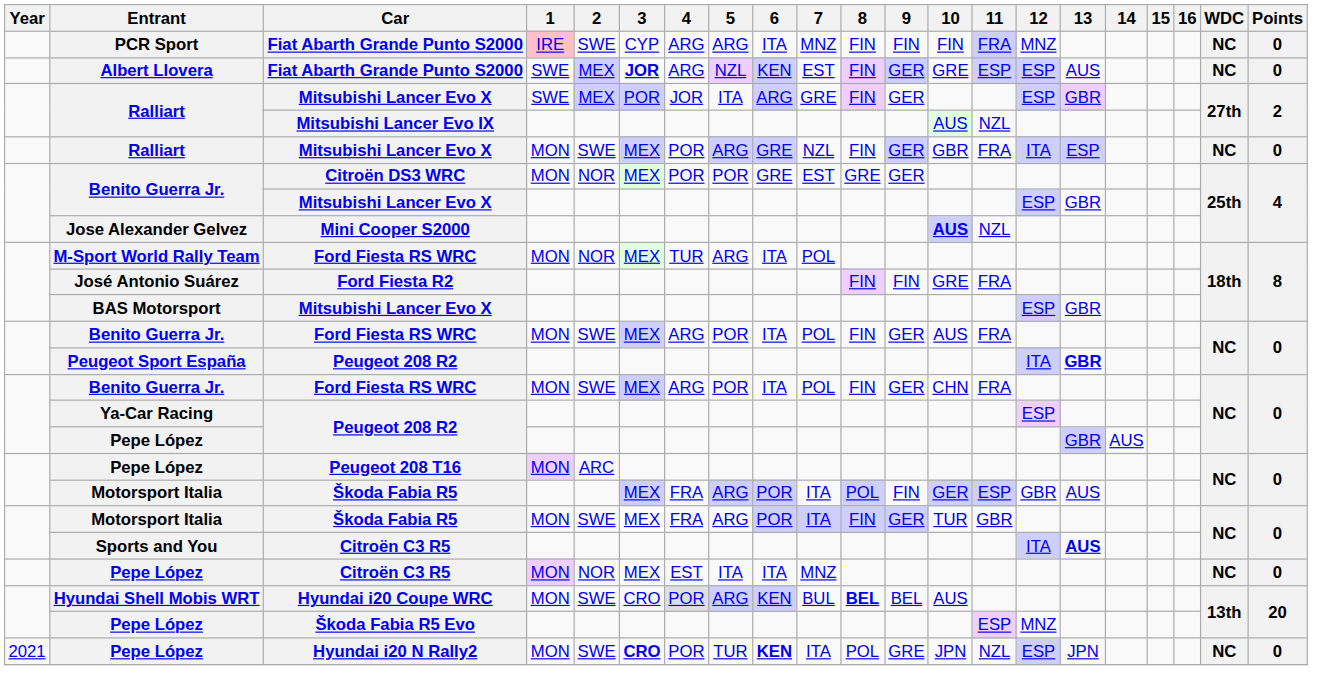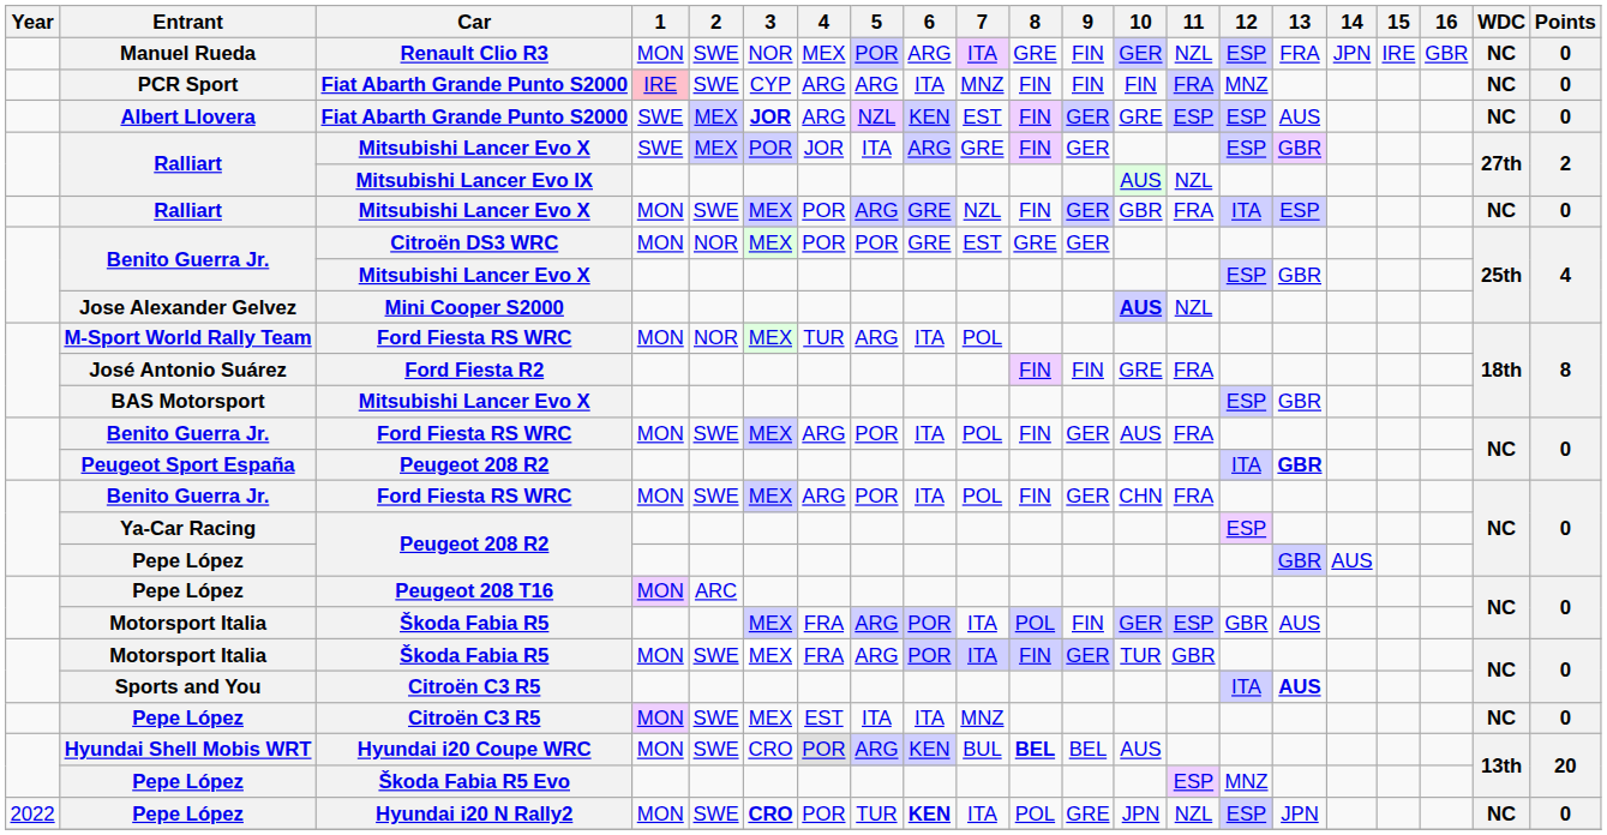 <table class="wikitable" style="text-align:center; font-size:90%">
 <tr>
 <th>Year</th>
 <th>Entrant</th>
 <th>Car</th>
 <th>1</th>
 <th>2</th>
 <th>3</th>
 <th>4</th>
 <th>5</th>
 <th>6</th>
 <th>7</th>
 <th>8</th>
 <th>9</th>
 <th>10</th>
 <th>11</th>
 <th>12</th>
 <th>13</th>
 <th>14</th>
 <th>15</th>
 <th>16</th>
 <th>WDC</th>
 <th>Points</th>
+</tr>
+<tr>
+<td></td>
+<th>Manuel Rueda</th>
+<th><a href='#'>Renault Clio R3</a></th>
+<td><a href='#'>MON</a></td>
+<td><a href='#'>SWE</a></td>
+<td><a href='#'>NOR</a></td>
+<td><a href='#'>MEX</a></td>
+<td style="background:#CFCFFF"><a href='#'>POR</a><br></td>
+<td><a href='#'>ARG</a></td>
+<td style="background:#EFCFFF"><a href='#'>ITA</a><br></td>
+<td><a href='#'>GRE</a></td>
+<td><a href='#'>FIN</a></td>
+<td style="background:#CFCFFF"><a href='#'>GER</a><br></td>
+<td><a href='#'>NZL</a></td>
+<td style="background:#CFCFFF"><a href='#'>ESP</a><br></td>
+<td><a href='#'>FRA</a></td>
+<td><a href='#'>JPN</a></td>
+<td><a href='#'>IRE</a></td>
+<td><a href='#'>GBR</a></td>
+<th>NC</th>
+<th>0</th>
 </tr>
 <tr>
 <td></td>
 <th>PCR Sport</th>
 <th><a href='#'>Fiat Abarth Grande Punto S2000</a></th>
 <td style="background: pink;"><a href='#'>IRE</a></td>
 <td><a href='#'>SWE</a></td>
 <td><a href='#'>CYP</a></td>
 <td><a href='#'>ARG</a></td>
 <td><a href='#'>ARG</a></td>
 <td><a href='#'>ITA</a></td>
 <td><a href='#'>MNZ</a></td>
 <td><a href='#'>FIN</a></td>
 <td><a href='#'>FIN</a></td>
 <td><a href='#'>FIN</a></td>
 <td style="background:#CFCFFF"><a href='#'>FRA</a><br></td>
 <td><a href='#'>MNZ</a></td>
 <td></td>
 <td></td>
 <td></td>
 <td></td>
 <th>NC</th>
 <th>0</th>
 </tr>
 <tr>
 <td></td>
 <th><a href='#'>Albert Llovera</a></th>
 <th><a href='#'>Fiat Abarth Grande Punto S2000</a></th>
 <td><a href='#'>SWE</a></td>
 <td style="background:#CFCFFF"><a href='#'>MEX</a><br></td>
 <td><strong><a href='#'>JOR</a></strong></td>
 <td><a href='#'>ARG</a></td>
 <td style="background:#EFCFFF"><a href='#'>NZL</a><br></td>
 <td style="background:#cfcfff;"><a href='#'>KEN</a><br></td>
 <td><a href='#'>EST</a></td>
 <td style="background:#EFCFFF"><a href='#'>FIN</a><br></td>
 <td style="background:#CFCFFF"><a href='#'>GER</a><br></td>
 <td><a href='#'>GRE</a></td>
 <td style="background:#CFCFFF"><a href='#'>ESP</a><br></td>
 <td style="background:#CFCFFF"><a href='#'>ESP</a><br></td>
 <td><a href='#'>AUS</a></td>
 <td></td>
 <td></td>
 <td></td>
 <th>NC</th>
 <th>0</th>
 </tr>
 <tr>
 <td rowspan="2"></td>
 <th rowspan="2"><a href='#'>Ralliart</a></th>
 <th><a href='#'>Mitsubishi Lancer Evo X</a></th>
 <td><a href='#'>SWE</a></td>
 <td style="background:#CFCFFF"><a href='#'>MEX</a><br></td>
 <td style="background:#CFCFFF"><a href='#'>POR</a><br></td>
 <td><a href='#'>JOR</a></td>
 <td><a href='#'>ITA</a></td>
 <td style="background:#CFCFFF"><a href='#'>ARG</a><br></td>
 <td><a href='#'>GRE</a></td>
 <td style="background:#EFCFFF"><a href='#'>FIN</a><br></td>
 <td><a href='#'>GER</a></td>
 <td></td>
 <td></td>
 <td style="background:#CFCFFF"><a href='#'>ESP</a><br></td>
 <td style="background:#EFCFFF"><a href='#'>GBR</a><br></td>
 <td></td>
 <td></td>
 <td></td>
 <th rowspan="2">27th</th>
 <th rowspan="2">2</th>
 </tr>
 <tr>
 <th><a href='#'>Mitsubishi Lancer Evo IX</a></th>
 <td></td>
 <td></td>
 <td></td>
 <td></td>
 <td></td>
 <td></td>
 <td></td>
 <td></td>
 <td></td>
 <td style="background:#DFFFDF"><a href='#'>AUS</a><br></td>
 <td><a href='#'>NZL</a></td>
 <td></td>
 <td></td>
 <td></td>
 <td></td>
 <td></td>
 </tr>
 <tr>
 <td></td>
 <th><a href='#'>Ralliart</a></th>
 <th><a href='#'>Mitsubishi Lancer Evo X</a></th>
 <td><a href='#'>MON</a></td>
 <td><a href='#'>SWE</a></td>
 <td style="background:#CFCFFF"><a href='#'>MEX</a><br></td>
 <td><a href='#'>POR</a></td>
 <td style="background:#CFCFFF"><a href='#'>ARG</a><br></td>
 <td style="background:#CFCFFF"><a href='#'>GRE</a><br></td>
 <td><a href='#'>NZL</a></td>
 <td><a href='#'>FIN</a></td>
 <td style="background:#CFCFFF"><a href='#'>GER</a><br></td>
 <td><a href='#'>GBR</a></td>
 <td><a href='#'>FRA</a></td>
 <td style="background:#CFCFFF"><a href='#'>ITA</a><br></td>
 <td style="background:#CFCFFF"><a href='#'>ESP</a><br></td>
 <td></td>
 <td></td>
 <td></td>
 <th>NC</th>
 <th>0</th>
 </tr>
 <tr>
 <td rowspan="3"></td>
 <th rowspan="2"><a href='#'>Benito Guerra Jr.</a></th>
 <th><a href='#'>Citroën DS3 WRC</a></th>
 <td><a href='#'>MON</a></td>
 <td><a href='#'>NOR</a></td>
 <td style="background:#DFFFDF"><a href='#'>MEX</a><br></td>
 <td><a href='#'>POR</a></td>
 <td><a href='#'>POR</a></td>
 <td><a href='#'>GRE</a></td>
 <td><a href='#'>EST</a></td>
 <td><a href='#'>GRE</a></td>
 <td><a href='#'>GER</a></td>
 <td></td>
 <td></td>
 <td></td>
 <td></td>
 <td></td>
 <td></td>
 <td></td>
 <th rowspan="3">25th</th>
 <th rowspan="3">4</th>
 </tr>
 <tr>
 <th><a href='#'>Mitsubishi Lancer Evo X</a></th>
 <td></td>
 <td></td>
 <td></td>
 <td></td>
 <td></td>
 <td></td>
 <td></td>
 <td></td>
 <td></td>
 <td></td>
 <td></td>
 <td style="background:#CFCFFF"><a href='#'>ESP</a><br></td>
 <td><a href='#'>GBR</a></td>
 <td></td>
 <td></td>
 <td></td>
 </tr>
 <tr>
 <th>Jose Alexander Gelvez</th>
 <th><a href='#'>Mini Cooper S2000</a></th>
 <td></td>
 <td></td>
 <td></td>
 <td></td>
 <td></td>
 <td></td>
 <td></td>
 <td></td>
 <td></td>
 <td style="background:#CFCFFF"><strong><a href='#'>AUS</a><br></strong></td>
 <td><a href='#'>NZL</a></td>
 <td></td>
 <td></td>
 <td></td>
 <td></td>
 <td></td>
 </tr>
 <tr>
 <td rowspan="3"></td>
 <th><a href='#'>M-Sport World Rally Team</a></th>
 <th><a href='#'>Ford Fiesta RS WRC</a></th>
 <td><a href='#'>MON</a></td>
 <td><a href='#'>NOR</a></td>
 <td style="background:#DFFFDF"><a href='#'>MEX</a><br></td>
 <td><a href='#'>TUR</a></td>
 <td><a href='#'>ARG</a></td>
 <td><a href='#'>ITA</a></td>
 <td><a href='#'>POL</a></td>
 <td></td>
 <td></td>
 <td></td>
 <td></td>
 <td></td>
 <td></td>
 <td></td>
 <td></td>
 <td></td>
 <th rowspan="3">18th</th>
 <th rowspan="3">8</th>
 </tr>
 <tr>
 <th>José Antonio Suárez</th>
 <th><a href='#'>Ford Fiesta R2</a></th>
 <td></td>
 <td></td>
 <td></td>
 <td></td>
 <td></td>
 <td></td>
 <td></td>
 <td style="background:#EFCFFF"><a href='#'>FIN</a><br></td>
 <td><a href='#'>FIN</a></td>
 <td><a href='#'>GRE</a></td>
 <td><a href='#'>FRA</a></td>
 <td></td>
 <td></td>
 <td></td>
 <td></td>
 <td></td>
 </tr>
 <tr>
 <th>BAS Motorsport</th>
 <th><a href='#'>Mitsubishi Lancer Evo X</a></th>
 <td></td>
 <td></td>
 <td></td>
 <td></td>
 <td></td>
 <td></td>
 <td></td>
 <td></td>
 <td></td>
 <td></td>
 <td></td>
 <td style="background:#CFCFFF"><a href='#'>ESP</a><br></td>
 <td><a href='#'>GBR</a></td>
 <td></td>
 <td></td>
 <td></td>
 </tr>
 <tr>
 <td rowspan="2"></td>
 <th><a href='#'>Benito Guerra Jr.</a></th>
 <th><a href='#'>Ford Fiesta RS WRC</a></th>
 <td><a href='#'>MON</a></td>
 <td><a href='#'>SWE</a></td>
 <td style="background:#CFCFFF"><a href='#'>MEX</a><br></td>
 <td><a href='#'>ARG</a></td>
 <td><a href='#'>POR</a></td>
 <td><a href='#'>ITA</a></td>
 <td><a href='#'>POL</a></td>
 <td><a href='#'>FIN</a></td>
 <td><a href='#'>GER</a></td>
 <td><a href='#'>AUS</a></td>
 <td><a href='#'>FRA</a></td>
 <td></td>
 <td></td>
 <td></td>
 <td></td>
 <td></td>
 <th rowspan="2">NC</th>
 <th rowspan="2">0</th>
 </tr>
 <tr>
 <th><a href='#'>Peugeot Sport España</a></th>
 <th><a href='#'>Peugeot 208 R2</a></th>
 <td></td>
 <td></td>
 <td></td>
 <td></td>
 <td></td>
 <td></td>
 <td></td>
 <td></td>
 <td></td>
 <td></td>
 <td></td>
 <td style="background:#CFCFFF"><a href='#'>ITA</a><br></td>
 <td><strong><a href='#'>GBR</a></strong></td>
 <td></td>
 <td></td>
 <td></td>
 </tr>
 <tr>
 <td rowspan="3"></td>
 <th><a href='#'>Benito Guerra Jr.</a></th>
 <th><a href='#'>Ford Fiesta RS WRC</a></th>
 <td><a href='#'>MON</a></td>
 <td><a href='#'>SWE</a></td>
 <td style="background:#CFCFFF"><a href='#'>MEX</a><br></td>
 <td><a href='#'>ARG</a></td>
 <td><a href='#'>POR</a></td>
 <td><a href='#'>ITA</a></td>
 <td><a href='#'>POL</a></td>
 <td><a href='#'>FIN</a></td>
 <td><a href='#'>GER</a></td>
 <td style="background:#FFFFFF"><a href='#'>CHN</a><br></td>
 <td><a href='#'>FRA</a></td>
 <td></td>
 <td></td>
 <td></td>
 <td></td>
 <td></td>
 <th rowspan="3">NC</th>
 <th rowspan="3">0</th>
 </tr>
 <tr>
 <th>Ya-Car Racing</th>
 <th rowspan="2"><a href='#'>Peugeot 208 R2</a></th>
 <td></td>
 <td></td>
 <td></td>
 <td></td>
 <td></td>
 <td></td>
 <td></td>
 <td></td>
 <td></td>
 <td></td>
 <td></td>
 <td style="background:#EFCFFF"><a href='#'>ESP</a><br></td>
 <td></td>
 <td></td>
 <td></td>
 <td></td>
 </tr>
 <tr>
 <th>Pepe López</th>
 <td></td>
 <td></td>
 <td></td>
 <td></td>
 <td></td>
 <td></td>
 <td></td>
 <td></td>
 <td></td>
 <td></td>
 <td></td>
 <td></td>
 <td style="background:#CFCFFF"><a href='#'>GBR</a><br></td>
 <td><a href='#'>AUS</a></td>
 <td></td>
 <td></td>
 </tr>
 <tr>
 <td rowspan="2"></td>
 <th>Pepe López</th>
 <th><a href='#'>Peugeot 208 T16</a></th>
 <td style="background:#EFCFFF"><a href='#'>MON</a><br></td>
 <td><a href='#'>ARC</a></td>
 <td></td>
 <td></td>
 <td></td>
 <td></td>
 <td></td>
 <td></td>
 <td></td>
 <td></td>
 <td></td>
 <td></td>
 <td></td>
 <td></td>
 <td></td>
 <td></td>
 <th rowspan="2">NC</th>
 <th rowspan="2">0</th>
 </tr>
 <tr>
 <th>Motorsport Italia</th>
 <th><a href='#'>Škoda Fabia R5</a></th>
 <td></td>
 <td></td>
 <td style="background:#CFCFFF"><a href='#'>MEX</a><br></td>
 <td><a href='#'>FRA</a></td>
 <td style="background:#CFCFFF"><a href='#'>ARG</a><br></td>
 <td style="background:#CFCFFF"><a href='#'>POR</a><br></td>
 <td><a href='#'>ITA</a></td>
 <td style="background:#CFCFFF"><a href='#'>POL</a><br></td>
 <td><a href='#'>FIN</a></td>
 <td style="background:#CFCFFF"><a href='#'>GER</a><br></td>
 <td style="background:#CFCFFF"><a href='#'>ESP</a><br></td>
 <td><a href='#'>GBR</a><br></td>
 <td><a href='#'>AUS</a></td>
 <td></td>
 <td></td>
 <td></td>
 </tr>
 <tr>
 <td rowspan="2"></td>
 <th>Motorsport Italia</th>
 <th><a href='#'>Škoda Fabia R5</a></th>
 <td><a href='#'>MON</a></td>
 <td><a href='#'>SWE</a></td>
 <td style="background:#FFFFFF"><a href='#'>MEX</a><br></td>
 <td><a href='#'>FRA</a></td>
 <td><a href='#'>ARG</a></td>
 <td style="background:#CFCFFF"><a href='#'>POR</a><br></td>
 <td style="background:#CFCFFF"><a href='#'>ITA</a><br></td>
 <td style="background:#CFCFFF"><a href='#'>FIN</a><br></td>
 <td style="background:#CFCFFF"><a href='#'>GER</a><br></td>
 <td><a href='#'>TUR</a></td>
 <td><a href='#'>GBR</a></td>
 <td></td>
 <td></td>
 <td></td>
 <td></td>
 <td></td>
 <th rowspan="2">NC</th>
 <th rowspan="2">0</th>
 </tr>
 <tr>
 <th>Sports and You</th>
 <th><a href='#'>Citroën C3 R5</a></th>
 <td></td>
 <td></td>
 <td></td>
 <td></td>
 <td></td>
 <td></td>
 <td></td>
 <td></td>
 <td></td>
 <td></td>
 <td></td>
 <td style="background:#CFCFFF"><a href='#'>ITA</a><br></td>
 <td><strong><a href='#'>AUS</a></strong></td>
 <td></td>
 <td></td>
 <td></td>
 </tr>
 <tr>
 <td></td>
 <th><a href='#'>Pepe López</a></th>
 <th><a href='#'>Citroën C3 R5</a></th>
 <td style="background:#EFCFFF"><a href='#'>MON</a><br></td>
-<td><a href='#'>NOR</a></td>
+<td><a href='#'>SWE</a></td>
 <td><a href='#'>MEX</a></td>
 <td><a href='#'>EST</a></td>
 <td><a href='#'>ITA</a></td>
 <td><a href='#'>ITA</a></td>
 <td><a href='#'>MNZ</a></td>
 <td></td>
 <td></td>
 <td></td>
 <td></td>
 <td></td>
 <td></td>
 <td></td>
 <td></td>
 <td></td>
 <th>NC</th>
 <th>0</th>
 </tr>
 <tr>
 <td rowspan="2"></td>
 <th><a href='#'>Hyundai Shell Mobis WRT</a></th>
 <th><a href='#'>Hyundai i20 Coupe WRC</a></th>
 <td><a href='#'>MON</a></td>
 <td><a href='#'>SWE</a></td>
 <td><a href='#'>CRO</a></td>
 <td style="background:#DFDFDF;"><a href='#'>POR</a><br></td>
 <td style="background:#CFCFFF"><a href='#'>ARG</a><br></td>
 <td style="background:#cfcfff;"><a href='#'>KEN</a><br></td>
 <td><a href='#'>BUL</a></td>
 <td><strong><a href='#'>BEL</a></strong></td>
 <td><a href='#'>BEL</a></td>
 <td><a href='#'>AUS</a></td>
 <td></td>
 <td></td>
 <td></td>
 <td></td>
 <td></td>
 <td></td>
 <th rowspan="2">13th</th>
 <th rowspan="2">20</th>
 </tr>
 <tr>
 <th><a href='#'>Pepe López</a></th>
 <th><a href='#'>Škoda Fabia R5 Evo</a></th>
 <td></td>
 <td></td>
 <td></td>
 <td></td>
 <td></td>
 <td></td>
 <td></td>
 <td></td>
 <td></td>
 <td></td>
 <td style="background:#EFCFFF"><a href='#'>ESP</a><br></td>
 <td><a href='#'>MNZ</a></td>
 <td></td>
 <td></td>
 <td></td>
 <td></td>
 </tr>
 <tr>
-<td><a href='#'>2021</a></td>
+<td><a href='#'>2022</a></td>
 <th><a href='#'>Pepe López</a></th>
 <th><a href='#'>Hyundai i20 N Rally2</a></th>
 <td><a href='#'>MON</a></td>
 <td><a href='#'>SWE</a></td>
 <td><strong><a href='#'>CRO</a></strong></td>
 <td><a href='#'>POR</a><br></td>
 <td><a href='#'>TUR</a></td>
 <td><strong><a href='#'>KEN</a></strong></td>
 <td><a href='#'>ITA</a></td>
 <td><a href='#'>POL</a></td>
 <td><a href='#'>GRE</a></td>
 <td><a href='#'>JPN</a></td>
 <td><a href='#'>NZL</a></td>
 <td style="background:#CFCFFF"><a href='#'>ESP</a><br></td>
 <td><a href='#'>JPN</a></td>
 <td></td>
 <td></td>
 <td></td>
 <th>NC</th>
 <th>0</th>
 </tr>
 <tr>
 </tr>
 </table>
